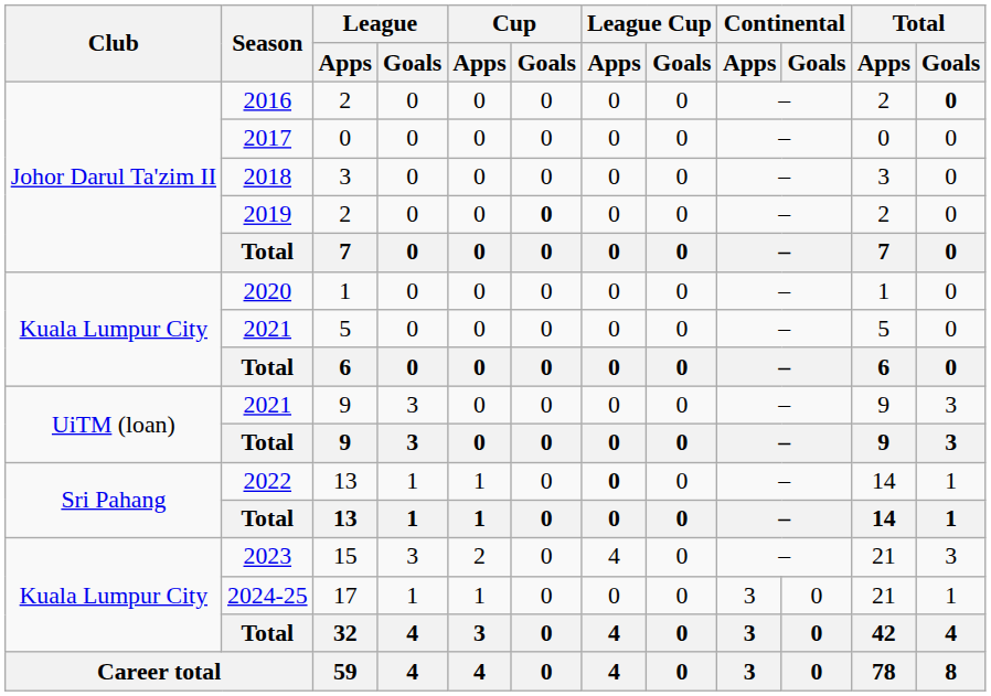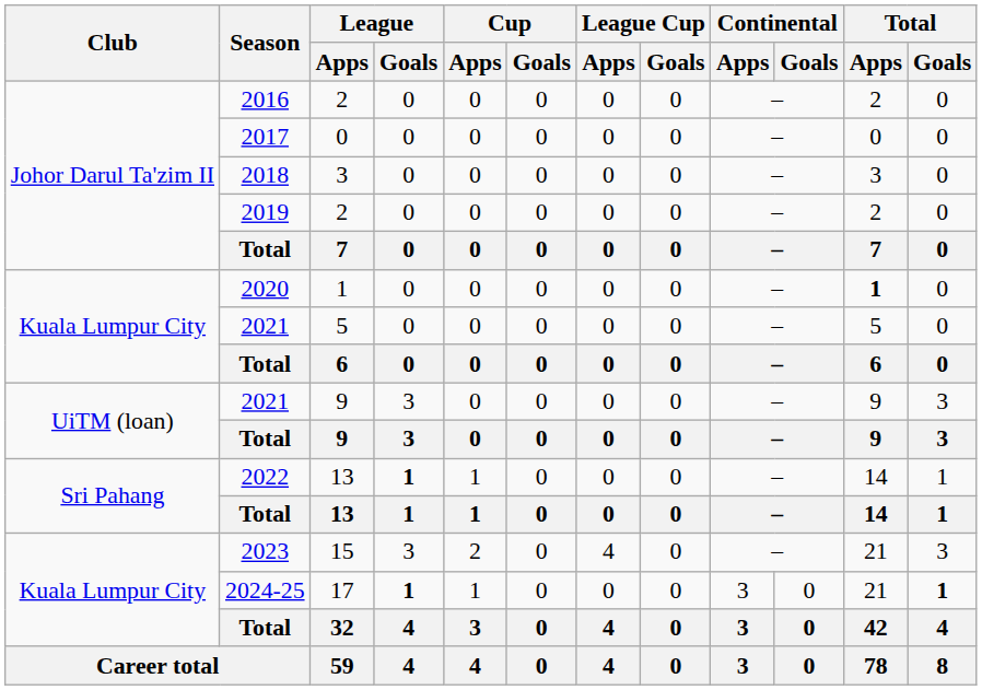 <table class=wikitable style=text-align:center>
 <tr>
 <th rowspan="2">Club</th>
 <th rowspan="2">Season</th>
 <th colspan="2">League</th>
 <th colspan="2">Cup</th>
 <th colspan="2">League Cup</th>
 <th colspan="2">Continental</th>
 <th colspan="2">Total</th>
 </tr>
 <tr>
 <th>Apps</th>
 <th>Goals</th>
 <th>Apps</th>
 <th>Goals</th>
 <th>Apps</th>
 <th>Goals</th>
 <th>Apps</th>
 <th>Goals</th>
 <th>Apps</th>
 <th>Goals</th>
 </tr>
 <tr>
 <td rowspan="5" valign="center"><a href='#'>Johor Darul Ta'zim II</a></td>
 <td><a href='#'>2016</a></td>
 <td>2</td>
 <td>0</td>
 <td>0</td>
 <td>0</td>
 <td>0</td>
 <td>0</td>
 <td colspan="2">–</td>
 <td>2</td>
-<td><strong>0</strong></td>
+<td>0</td>
 </tr>
 <tr>
 <td><a href='#'>2017</a></td>
 <td>0</td>
 <td>0</td>
 <td>0</td>
 <td>0</td>
 <td>0</td>
 <td>0</td>
 <td colspan="2">–</td>
 <td>0</td>
 <td>0</td>
 </tr>
 <tr>
 <td><a href='#'>2018</a></td>
 <td>3</td>
 <td>0</td>
 <td>0</td>
 <td>0</td>
 <td>0</td>
 <td>0</td>
 <td colspan="2">–</td>
 <td>3</td>
 <td>0</td>
 </tr>
 <tr>
 <td><a href='#'>2019</a></td>
 <td>2</td>
 <td>0</td>
 <td>0</td>
-<td><strong>0</strong></td>
+<td>0</td>
 <td>0</td>
 <td>0</td>
 <td colspan="2">–</td>
 <td>2</td>
 <td>0</td>
 </tr>
 <tr>
 <th>Total</th>
 <th>7</th>
 <th>0</th>
 <th>0</th>
 <th>0</th>
 <th>0</th>
 <th>0</th>
 <th colspan="2">–</th>
 <th>7</th>
 <th>0</th>
 </tr>
 <tr>
 <td rowspan="3" valign="center"><a href='#'>Kuala Lumpur City</a></td>
 <td><a href='#'>2020</a></td>
 <td>1</td>
 <td>0</td>
 <td>0</td>
 <td>0</td>
 <td>0</td>
 <td>0</td>
 <td colspan="2">–</td>
-<td>1</td>
+<td><strong>1</strong></td>
 <td>0</td>
 </tr>
 <tr>
 <td><a href='#'>2021</a></td>
 <td>5</td>
 <td>0</td>
 <td>0</td>
 <td>0</td>
 <td>0</td>
 <td>0</td>
 <td colspan="2">–</td>
 <td>5</td>
 <td>0</td>
 </tr>
 <tr>
 <th>Total</th>
 <th>6</th>
 <th>0</th>
 <th>0</th>
 <th>0</th>
 <th>0</th>
 <th>0</th>
 <th colspan="2">–</th>
 <th>6</th>
 <th>0</th>
 </tr>
 <tr>
 <td rowspan="2" valign="center"><a href='#'>UiTM</a> (loan)</td>
 <td><a href='#'>2021</a></td>
 <td>9</td>
 <td>3</td>
 <td>0</td>
 <td>0</td>
 <td>0</td>
 <td>0</td>
 <td colspan="2">–</td>
 <td>9</td>
 <td>3</td>
 </tr>
 <tr>
 <th>Total</th>
 <th>9</th>
 <th>3</th>
 <th>0</th>
 <th>0</th>
 <th>0</th>
 <th>0</th>
 <th colspan="2">–</th>
 <th>9</th>
 <th>3</th>
 </tr>
 <tr>
 <td rowspan="2" valign="center"><a href='#'>Sri Pahang</a></td>
 <td><a href='#'>2022</a></td>
 <td>13</td>
-<td>1</td>
+<td><strong>1</strong></td>
 <td>1</td>
 <td>0</td>
-<td><strong>0</strong></td>
+<td>0</td>
 <td>0</td>
 <td colspan="2">–</td>
 <td>14</td>
 <td>1</td>
 </tr>
 <tr>
 <th>Total</th>
 <th>13</th>
 <th>1</th>
 <th>1</th>
 <th>0</th>
 <th>0</th>
 <th>0</th>
 <th colspan="2">–</th>
 <th>14</th>
 <th>1</th>
 </tr>
 <tr>
 <td rowspan="3" valign="center"><a href='#'>Kuala Lumpur City</a></td>
 <td><a href='#'>2023</a></td>
 <td>15</td>
 <td>3</td>
 <td>2</td>
 <td>0</td>
 <td>4</td>
 <td>0</td>
 <td colspan="2">–</td>
 <td>21</td>
 <td>3</td>
 </tr>
 <tr>
 <td><a href='#'>2024-25</a></td>
 <td>17</td>
-<td>1</td>
+<td><strong>1</strong></td>
 <td>1</td>
 <td>0</td>
 <td>0</td>
 <td>0</td>
 <td>3</td>
 <td>0</td>
 <td>21</td>
-<td>1</td>
+<td><strong>1</strong></td>
 </tr>
 <tr>
 <th>Total</th>
 <th>32</th>
 <th>4</th>
 <th>3</th>
 <th>0</th>
 <th>4</th>
 <th>0</th>
 <th>3</th>
 <th>0</th>
 <th>42</th>
 <th>4</th>
 </tr>
 <tr>
 <th colspan=2>Career total</th>
 <th>59</th>
 <th>4</th>
 <th>4</th>
 <th>0</th>
 <th>4</th>
 <th>0</th>
 <th>3</th>
 <th>0</th>
 <th>78</th>
 <th>8</th>
 </tr>
 </table>
